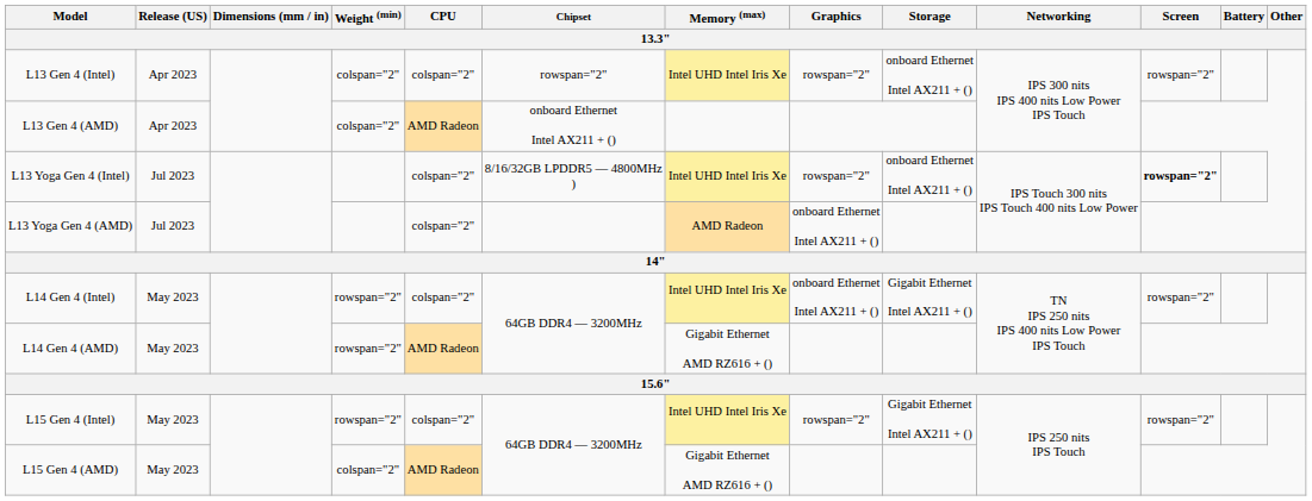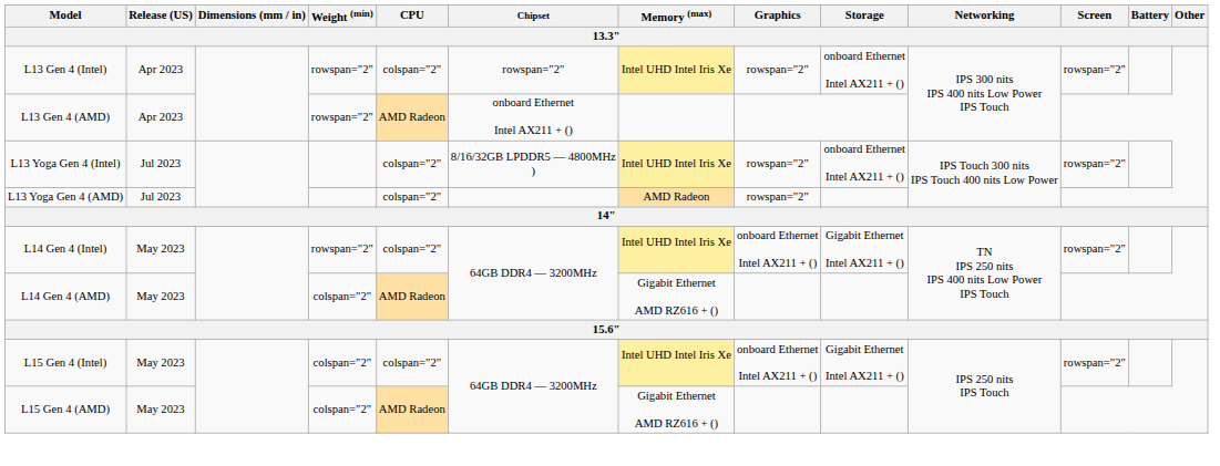 <table class="wikitable" style="font-size: 80%; text-align: center; min-width: 80%;">
 <tr>
 <th>Model</th>
 <th>Release (US)</th>
 <th>Dimensions (mm / in)</th>
 <th>Weight <sup>(min)</sup></th>
 <th>CPU</th>
 <th><small>Chipset</small></th>
 <th>Memory <sup>(max)</sup></th>
 <th>Graphics</th>
 <th>Storage</th>
 <th>Networking</th>
 <th>Screen</th>
 <th>Battery</th>
 <th>Other</th>
 </tr>
 <tr>
 <th colspan="13">13.3"</th>
 </tr>
 <tr>
 <td>L13 Gen 4 (Intel)</td>
 <td>Apr 2023</td>
 <td rowspan="2"></td>
-<td>colspan="2" </td>
+<td>rowspan="2" </td>
 <td>colspan="2" </td>
 <td>rowspan="2" </td>
 <td style="background:#fdf1a1;">Intel UHD  Intel Iris Xe</td>
 <td>rowspan="2" </td>
 <td> onboard Ethernet<br><br>Intel  AX211 +  ()<br><small></small></td>
 <td rowspan="2" style="background:"> IPS 300 nits<br> IPS 400 nits Low Power<br> IPS Touch</td>
 <td>rowspan="2" </td>
 <td><br></td>
 </tr>
 <tr>
 <td>L13 Gen 4 (AMD)</td>
 <td>Apr 2023</td>
-<td>colspan="2" </td>
+<td>rowspan="2" </td>
 <td style="background:#fee0a3;">AMD Radeon</td>
 <td> onboard Ethernet<br><br>Intel  AX211 +  ()<br><small></small></td>
 <td></td>
 </tr>
 <tr>
 <td>L13 Yoga Gen 4 (Intel)</td>
 <td>Jul 2023</td>
 <td rowspan="2"></td>
 <td></td>
 <td>colspan="2" </td>
 <td style="background:">8/16/32GB LPDDR5 — 4800MHz<br>)</td>
 <td style="background:#fdf1a1;">Intel UHD  Intel Iris Xe</td>
 <td>rowspan="2" </td>
 <td> onboard Ethernet<br><br>Intel  AX211 +  ()<br><small></small></td>
 <td rowspan="2" style="background:"> IPS Touch 300 nits<br> IPS Touch 400 nits Low Power</td>
-<td><strong>rowspan="2" </strong></td>
+<td>rowspan="2" </td>
 <td><br></td>
 </tr>
 <tr>
 <td>L13 Yoga Gen 4 (AMD)</td>
 <td>Jul 2023</td>
 <td></td>
 <td>colspan="2" </td>
 <td></td>
 <td style="background:#fee0a3;">AMD Radeon</td>
-<td> onboard Ethernet<br><br>Intel  AX211 +  ()<br><small></small></td>
+<td>rowspan="2" </td>
 <td></td>
 </tr>
 <tr>
 <th colspan="13">14"</th>
 </tr>
 <tr>
 <td>L14 Gen 4 (Intel)</td>
 <td>May 2023</td>
 <td rowspan="2"></td>
 <td>rowspan="2" </td>
 <td>colspan="2" </td>
 <td rowspan="2" style="background:">64GB DDR4 — 3200MHz</td>
 <td style="background:#fdf1a1;">Intel UHD  Intel Iris Xe<br><br></td>
 <td> onboard Ethernet<br><br>Intel  AX211 +  ()<br><small></small></td>
 <td>Gigabit Ethernet<br><br>Intel  AX211 +  ()<br><small></small></td>
 <td rowspan="2" style="background:"> TN<br> IPS 250 nits<br> IPS 400 nits Low Power<br> IPS Touch</td>
 <td>rowspan="2" </td>
 <td><br></td>
 </tr>
 <tr>
 <td>L14 Gen 4 (AMD)</td>
 <td>May 2023</td>
-<td>rowspan="2" </td>
+<td>colspan="2" </td>
 <td style="background:#fee0a3;">AMD Radeon</td>
 <td>Gigabit Ethernet<br><br>AMD  RZ616 +  ()<br><small></small></td>
 <td></td>
 </tr>
 <tr>
 <th colspan="13">15.6"</th>
 </tr>
 <tr>
 <td>L15 Gen 4 (Intel)</td>
 <td>May 2023</td>
 <td rowspan="2"></td>
-<td>rowspan="2" </td>
+<td>colspan="2" </td>
 <td>colspan="2" </td>
 <td rowspan="2" style="background:">64GB DDR4 — 3200MHz</td>
 <td style="background:#fdf1a1;">Intel UHD  Intel Iris Xe<br><br></td>
-<td>rowspan="2" </td>
+<td> onboard Ethernet<br><br>Intel  AX211 +  ()<br><small></small></td>
 <td>Gigabit Ethernet<br><br>Intel  AX211 +  ()<br><small></small></td>
 <td rowspan="2" style="background:"> IPS 250 nits<br> IPS Touch</td>
 <td>rowspan="2" </td>
 <td><br></td>
 </tr>
 <tr>
 <td>L15 Gen 4 (AMD)</td>
 <td>May 2023</td>
 <td>colspan="2" </td>
 <td style="background:#fee0a3;">AMD Radeon</td>
 <td>Gigabit Ethernet<br><br>AMD  RZ616 +  ()<br><small></small></td>
 <td></td>
 </tr>
 </table>
